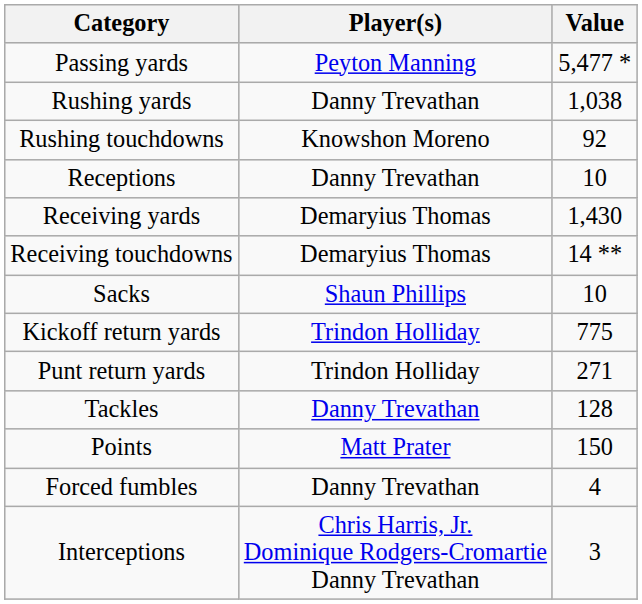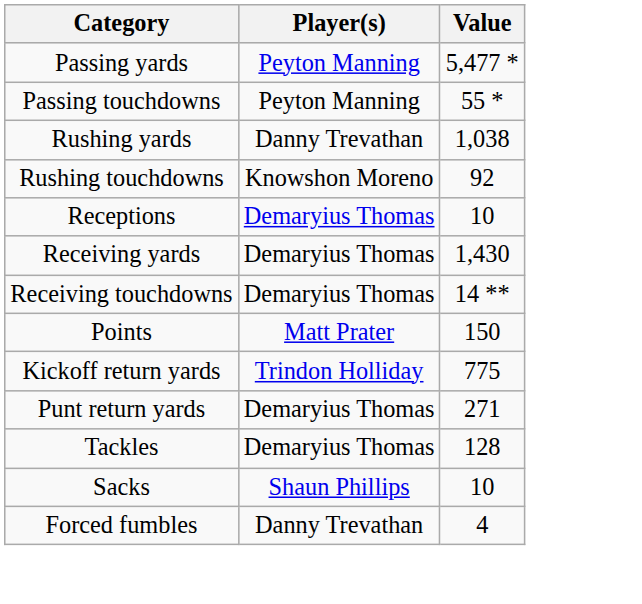 <table class="wikitable" style="text-align:center">
 <tr>
 <th>Category</th>
 <th>Player(s)</th>
 <th>Value</th>
 </tr>
 <tr>
 <td>Passing yards</td>
 <td><a href='#'>Peyton Manning</a></td>
 <td>5,477 *</td>
+</tr>
+<tr>
+<td>Passing touchdowns</td>
+<td>Peyton Manning</td>
+<td>55 *</td>
 </tr>
 <tr>
 <td>Rushing yards</td>
 <td>Danny Trevathan</td>
 <td>1,038</td>
 </tr>
 <tr>
 <td>Rushing touchdowns</td>
 <td>Knowshon Moreno</td>
 <td>92</td>
 </tr>
 <tr>
 <td>Receptions</td>
-<td>Danny Trevathan</td>
+<td><a href='#'>Demaryius Thomas</a></td>
 <td>10</td>
 </tr>
 <tr>
 <td>Receiving yards</td>
 <td>Demaryius Thomas</td>
 <td>1,430</td>
 </tr>
 <tr>
 <td>Receiving touchdowns</td>
 <td>Demaryius Thomas</td>
 <td>14 **</td>
 </tr>
 <tr>
-<td>Sacks</td>
-<td><a href='#'>Shaun Phillips</a></td>
-<td>10</td>
+<td>Points</td>
+<td><a href='#'>Matt Prater</a></td>
+<td>150</td>
 </tr>
 <tr>
 <td>Kickoff return yards</td>
 <td><a href='#'>Trindon Holliday</a></td>
 <td>775</td>
 </tr>
 <tr>
 <td>Punt return yards</td>
-<td>Trindon Holliday</td>
+<td>Demaryius Thomas</td>
 <td>271</td>
 </tr>
 <tr>
 <td>Tackles</td>
-<td><a href='#'>Danny Trevathan</a></td>
+<td>Demaryius Thomas</td>
 <td>128</td>
 </tr>
 <tr>
-<td>Points</td>
-<td><a href='#'>Matt Prater</a></td>
-<td>150</td>
+<td>Sacks</td>
+<td><a href='#'>Shaun Phillips</a></td>
+<td>10</td>
 </tr>
 <tr>
 <td>Forced fumbles</td>
 <td>Danny Trevathan</td>
 <td>4</td>
 </tr>
-<tr>
-<td>Interceptions</td>
-<td><a href='#'>Chris Harris, Jr.</a><br><a href='#'>Dominique Rodgers-Cromartie</a><br>Danny Trevathan</td>
-<td>3</td>
-</tr>
 </table>
